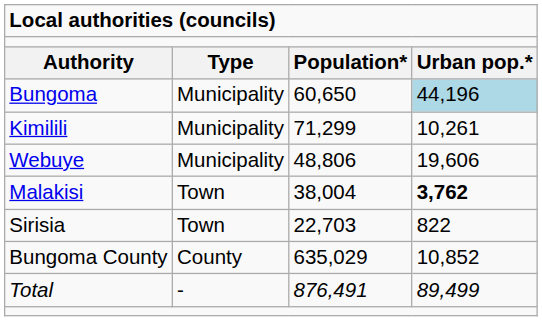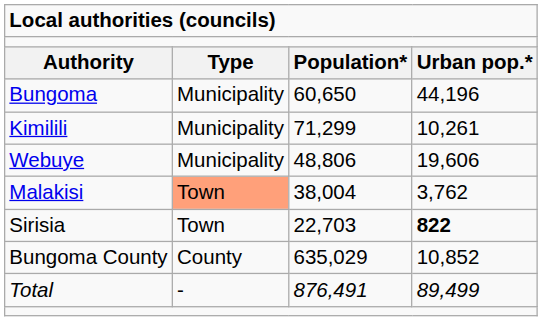 <table class="wikitable">
 <tr>
 <td colspan="4"><strong>Local authorities (councils)</strong></td>
 </tr>
 <tr>
 <td colspan="4"></td>
 </tr>
 <tr>
 <th>Authority</th>
 <th>Type</th>
 <th>Population*</th>
 <th>Urban pop.*</th>
 </tr>
 <tr>
 <td><a href='#'>Bungoma</a></td>
 <td>Municipality</td>
 <td>60,650</td>
-<td style="background: lightblue;">44,196</td>
+<td>44,196</td>
 </tr>
 <tr>
 <td><a href='#'>Kimilili</a></td>
 <td>Municipality</td>
 <td>71,299</td>
 <td>10,261</td>
 </tr>
 <tr>
 <td><a href='#'>Webuye</a></td>
 <td>Municipality</td>
 <td>48,806</td>
 <td>19,606</td>
 </tr>
 <tr>
 <td><a href='#'>Malakisi</a></td>
-<td>Town</td>
+<td style="background: lightsalmon;">Town</td>
 <td>38,004</td>
-<td><strong>3,762</strong></td>
+<td>3,762</td>
 </tr>
 <tr>
 <td>Sirisia</td>
 <td>Town</td>
 <td>22,703</td>
-<td>822</td>
+<td><strong>822</strong></td>
 </tr>
 <tr>
 <td>Bungoma County</td>
 <td>County</td>
 <td>635,029</td>
 <td>10,852</td>
 </tr>
 <tr>
 <td><em>Total</em></td>
 <td>-</td>
 <td><em>876,491</em></td>
 <td><em>89,499</em></td>
 </tr>
 <tr>
 <td colspan="4"></td>
 </tr>
 </table>
